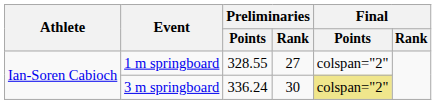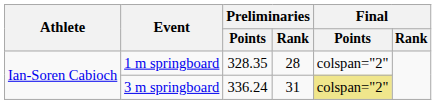 <table class="wikitable" style="font-size:90%;">
 <tr>
 <th rowspan=2>Athlete</th>
 <th rowspan=2>Event</th>
 <th colspan=2>Preliminaries</th>
 <th colspan=2>Final</th>
 </tr>
 <tr style="font-size:95%">
 <th>Points</th>
 <th>Rank</th>
 <th>Points</th>
 <th>Rank</th>
 </tr>
 <tr align=center>
 <td align=left rowspan=2><a href='#'>Ian-Soren Cabioch</a></td>
 <td style="text-align:left;"><a href='#'>1 m springboard</a></td>
-<td>328.55</td>
-<td>27</td>
+<td>328.35</td>
+<td>28</td>
 <td>colspan="2" </td>
 </tr>
 <tr align=center>
 <td style="text-align:left;"><a href='#'>3 m springboard</a></td>
 <td>336.24</td>
-<td>30</td>
+<td>31</td>
 <td style="background: khaki;">colspan="2" </td>
 </tr>
 </table>
